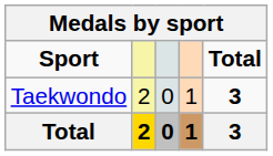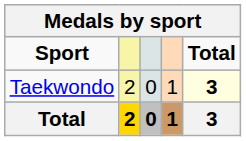 <table class="wikitable" style="font-size:85%; text-align:center;">
 <tr style="background:#efefef;">
 <th colspan=5><strong>Medals by sport</strong></th>
 </tr>
 <tr>
 <td><strong>Sport</strong></td>
 <td style="background:#f7f6a8;"></td>
 <td style="background:#dce5e5;"></td>
 <td style="background:#ffdab9;"></td>
 <td><strong>Total</strong></td>
 </tr>
 <tr>
 <td><a href='#'>Taekwondo</a></td>
 <td style="background:#F7F6A8;">2</td>
 <td style="background:#DCE5E5;">0</td>
 <td style="background:#FFDAB9;">1</td>
-<td><strong>3</strong></td>
+<td style="background: lightyellow;"><strong>3</strong></td>
 </tr>
 <tr>
 <th>Total</th>
 <th style="background:gold;"  >2</th>
 <th style="background:silver;">0</th>
 <th style="background:#c96;"  >1</th>
 <th>3</th>
 </tr>
 </table>
